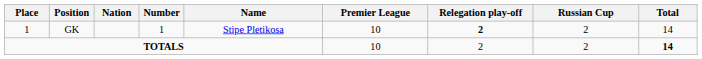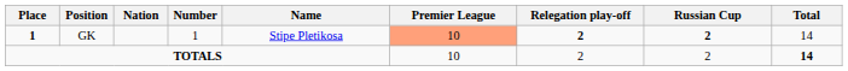 <table class="wikitable" style="font-size: 95%; text-align: center;">
 <tr>
 <th width=60>Place</th>
 <th width=60>Position</th>
 <th width=60>Nation</th>
 <th width=60>Number</th>
 <th width=200>Name</th>
 <th width=150>Premier League</th>
 <th width=150>Relegation play-off</th>
 <th width=150>Russian Cup</th>
 <th width=80>Total</th>
 </tr>
 <tr>
-<td>1</td>
+<td><strong>1</strong></td>
 <td>GK</td>
 <td></td>
 <td>1</td>
 <td><a href='#'>Stipe Pletikosa</a></td>
-<td>10</td>
+<td style="background: lightsalmon;">10</td>
 <td><strong>2</strong></td>
-<td>2</td>
+<td><strong>2</strong></td>
 <td>14</td>
 </tr>
 <tr>
 <td colspan="5"><strong>TOTALS</strong></td>
 <td>10</td>
 <td>2</td>
 <td>2</td>
 <td><strong>14</strong></td>
 </tr>
 </table>
